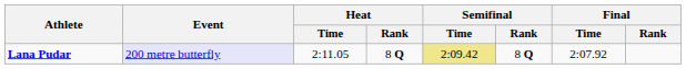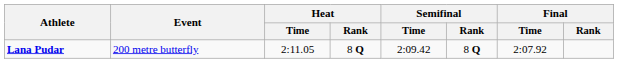 <table class="wikitable" style="text-align:center; font-size:90%; width:50%;">
 <tr>
 <th rowspan="2">Athlete</th>
 <th rowspan="2">Event</th>
 <th colspan="2">Heat</th>
 <th colspan="2">Semifinal</th>
 <th colspan="2">Final</th>
 </tr>
 <tr style="font-size:95%">
 <th>Time</th>
 <th>Rank</th>
 <th>Time</th>
 <th>Rank</th>
 <th>Time</th>
 <th>Rank</th>
 </tr>
 <tr>
 <td align=left><strong><a href='#'>Lana Pudar</a></strong></td>
-<td align=left style="background: lavender;"><a href='#'>200 metre butterfly</a></td>
+<td align=left><a href='#'>200 metre butterfly</a></td>
 <td>2:11.05</td>
 <td>8 <strong>Q</strong></td>
-<td style="background: khaki;">2:09.42</td>
+<td>2:09.42</td>
 <td>8 <strong>Q</strong></td>
 <td>2:07.92</td>
 <td></td>
 </tr>
 </table>
